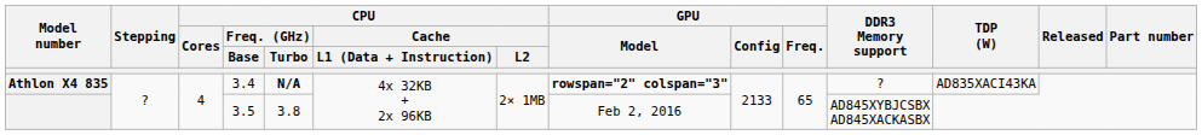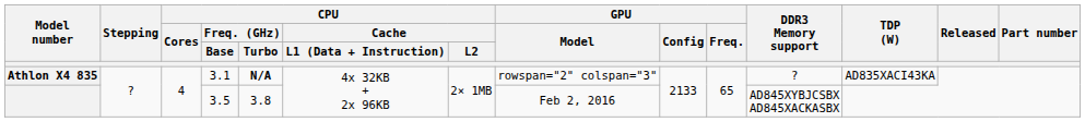 <table class="wikitable" style="text-align:center;">
 <tr>
 <th rowspan="3">Model<br>number</th>
 <th rowspan="3">Stepping</th>
 <th colspan="5">CPU</th>
 <th colspan="3">GPU</th>
 <th rowspan="3">DDR3<br>Memory<br>support</th>
 <th rowspan="3">TDP<br>(W)</th>
 <th rowspan="3">Released</th>
 <th rowspan="3">Part number</th>
 </tr>
 <tr>
 <th rowspan="2">Cores</th>
 <th colspan="2">Freq. (GHz)</th>
 <th colspan="2">Cache</th>
 <th rowspan="2">Model</th>
 <th rowspan="2">Config</th>
 <th rowspan="2">Freq.</th>
 </tr>
 <tr>
 <th>Base</th>
 <th>Turbo</th>
 <th>L1 (Data + Instruction)</th>
 <th>L2</th>
 </tr>
 <tr>
 <th colspan="15"></th>
 </tr>
 <tr>
 <th>Athlon X4 835</th>
 <td rowspan="2">?</td>
 <td rowspan="2">4</td>
-<td>3.4</td>
+<td>3.1</td>
 <td><strong>N/A</strong></td>
 <td rowspan="2">4x 32KB<br>+<br>2x 96KB</td>
 <td rowspan="2">2× 1MB</td>
-<td><strong>rowspan="2" colspan="3" </strong></td>
+<td>rowspan="2" colspan="3" </td>
 <td rowspan="2">2133</td>
 <td rowspan="2">65</td>
 <td>?</td>
 <td>AD835XACI43KA</td>
 </tr>
 <tr>
 <th></th>
 <td>3.5</td>
 <td>3.8</td>
 <td>Feb 2, 2016</td>
 <td>AD845XYBJCSBX<br>AD845XACKASBX</td>
 </tr>
 </table>
